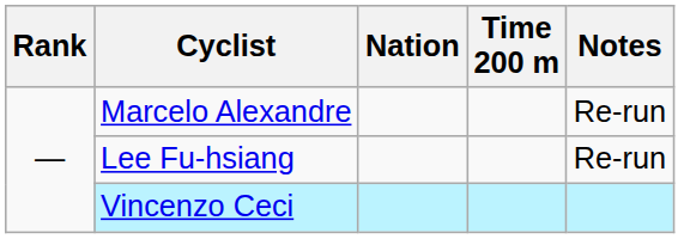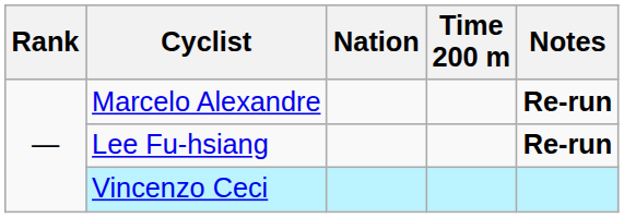 <table class="wikitable sortable" style="text-align:center">
 <tr>
 <th>Rank</th>
 <th>Cyclist</th>
 <th>Nation</th>
 <th>Time<br>200 m</th>
 <th>Notes</th>
 </tr>
 <tr>
 <td rowspan=3>—</td>
 <td align=left><a href='#'>Marcelo Alexandre</a></td>
 <td align=left></td>
 <td></td>
-<td>Re-run</td>
+<td><strong>Re-run</strong></td>
 </tr>
 <tr>
 <td align=left><a href='#'>Lee Fu-hsiang</a></td>
 <td align=left></td>
 <td></td>
-<td>Re-run</td>
+<td><strong>Re-run</strong></td>
 </tr>
 <tr bgcolor=bbf3ff>
 <td align=left><a href='#'>Vincenzo Ceci</a></td>
 <td align=left></td>
 <td></td>
 <td></td>
 </tr>
 </table>
